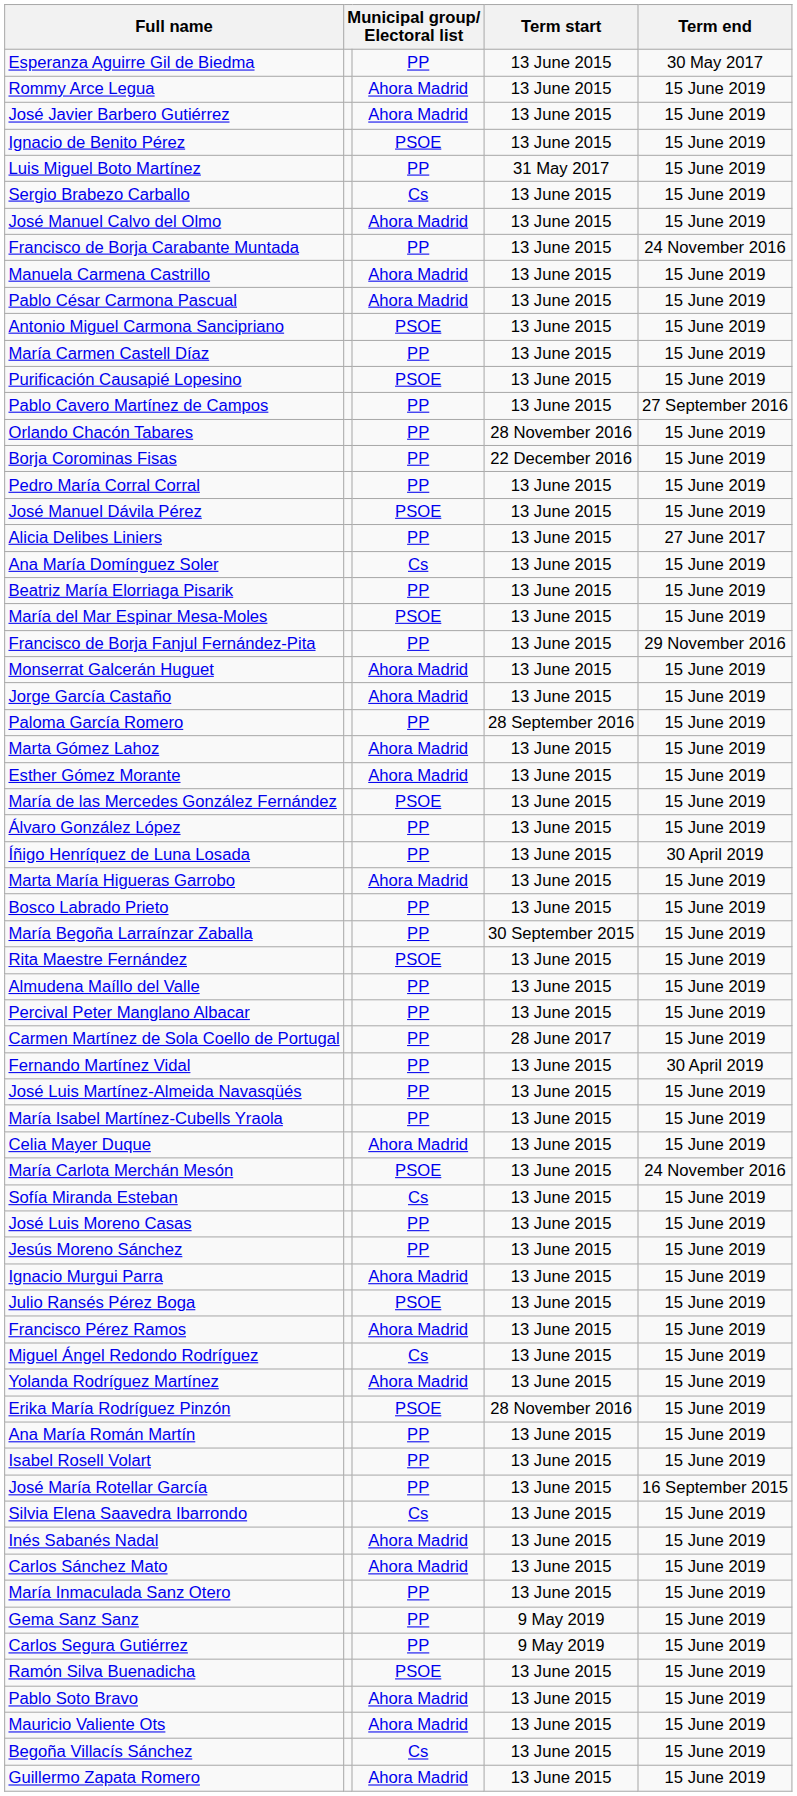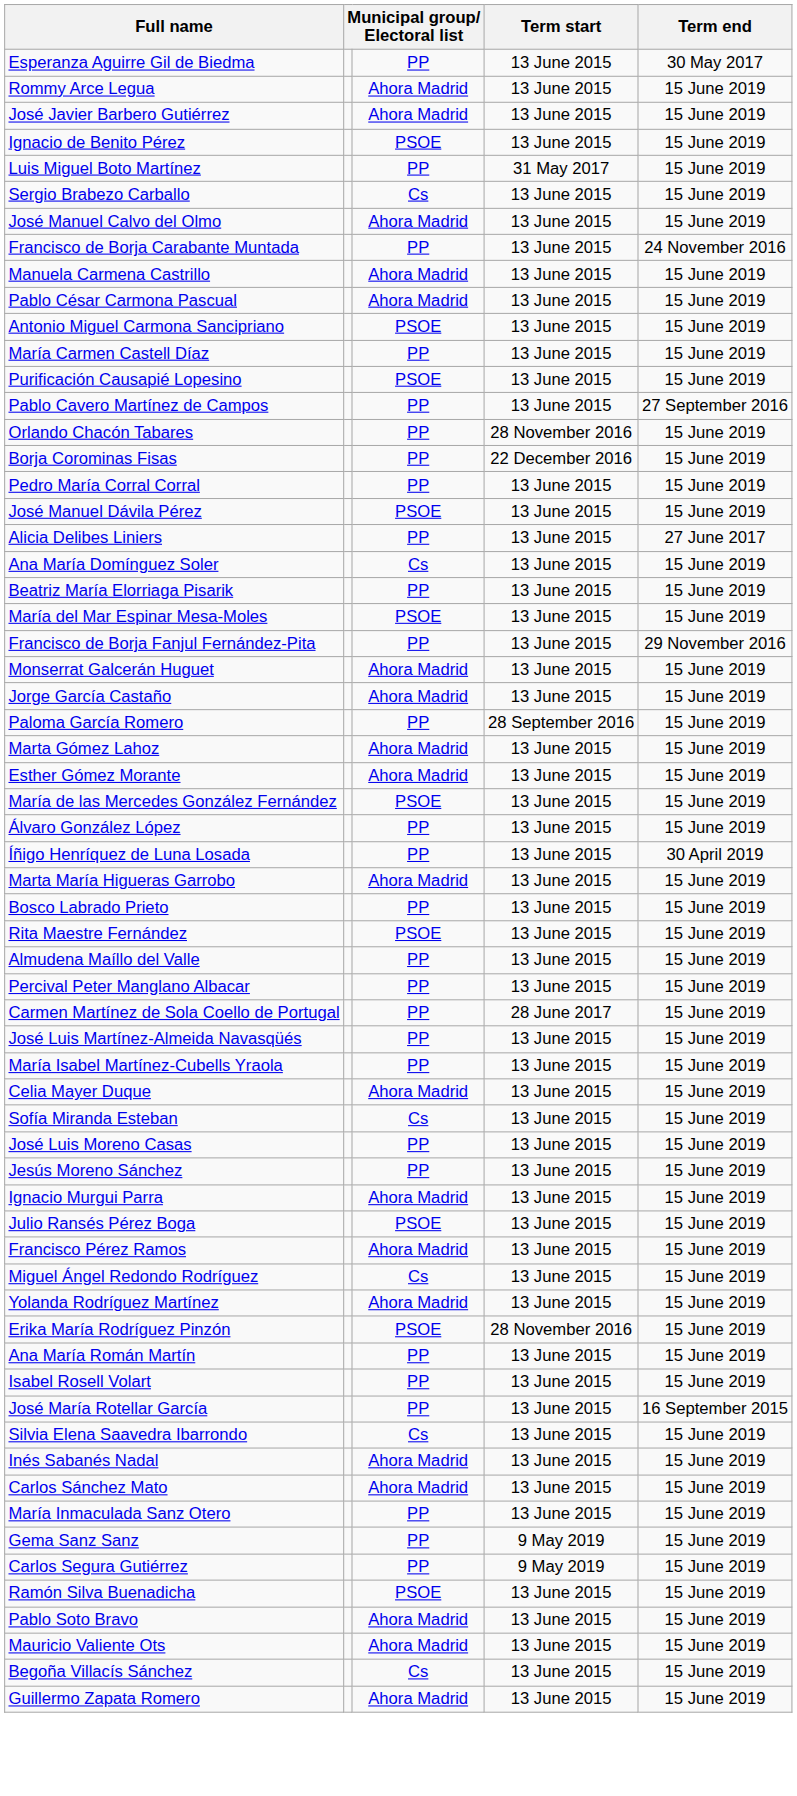 <table class="wikitable sortable" style="margin:1em auto; text-align:left; line-height:18px;">
 <tr>
 <th>Full name</th>
 <th colspan=2>Municipal group/<br>Electoral list</th>
 <th>Term start</th>
 <th>Term end</th>
 </tr>
 <tr>
 <td><a href='#'>Esperanza Aguirre Gil de Biedma</a></td>
 <td width="1"></td>
 <td align="center"><a href='#'>PP</a></td>
 <td align="center">13 June 2015</td>
 <td align="center">30 May 2017</td>
 </tr>
 <tr>
 <td><a href='#'>Rommy Arce Legua</a></td>
 <td></td>
 <td align="center"><a href='#'>Ahora Madrid</a></td>
 <td align="center">13 June 2015</td>
 <td align="center">15 June 2019</td>
 </tr>
 <tr>
 <td><a href='#'>José Javier Barbero Gutiérrez</a></td>
 <td></td>
 <td align="center"><a href='#'>Ahora Madrid</a></td>
 <td align="center">13 June 2015</td>
 <td align="center">15 June 2019</td>
 </tr>
 <tr>
 <td><a href='#'>Ignacio de Benito Pérez</a></td>
 <td></td>
 <td align="center"><a href='#'>PSOE</a></td>
 <td align="center">13 June 2015</td>
 <td align="center">15 June 2019</td>
 </tr>
 <tr>
 <td><a href='#'>Luis Miguel Boto Martínez</a></td>
 <td></td>
 <td align="center"><a href='#'>PP</a></td>
 <td align="center">31 May 2017</td>
 <td align="center">15 June 2019</td>
 </tr>
 <tr>
 <td><a href='#'>Sergio Brabezo Carballo</a></td>
 <td></td>
 <td align="center"><a href='#'>Cs</a></td>
 <td align="center">13 June 2015</td>
 <td align="center">15 June 2019</td>
 </tr>
 <tr>
 <td><a href='#'>José Manuel Calvo del Olmo</a></td>
 <td></td>
 <td align="center"><a href='#'>Ahora Madrid</a></td>
 <td align="center">13 June 2015</td>
 <td align="center">15 June 2019</td>
 </tr>
 <tr>
 <td><a href='#'>Francisco de Borja Carabante Muntada</a></td>
 <td></td>
 <td align="center"><a href='#'>PP</a></td>
 <td align="center">13 June 2015</td>
 <td align="center">24 November 2016</td>
 </tr>
 <tr>
 <td><a href='#'>Manuela Carmena Castrillo</a></td>
 <td></td>
 <td align="center"><a href='#'>Ahora Madrid</a></td>
 <td align="center">13 June 2015</td>
 <td align="center">15 June 2019</td>
 </tr>
 <tr>
 <td><a href='#'>Pablo César Carmona Pascual</a></td>
 <td></td>
 <td align="center"><a href='#'>Ahora Madrid</a></td>
 <td align="center">13 June 2015</td>
 <td align="center">15 June 2019</td>
 </tr>
 <tr>
 <td><a href='#'>Antonio Miguel Carmona Sancipriano</a></td>
 <td></td>
 <td align="center"><a href='#'>PSOE</a></td>
 <td align="center">13 June 2015</td>
 <td align="center">15 June 2019</td>
 </tr>
 <tr>
 <td><a href='#'>María Carmen Castell Díaz</a></td>
 <td></td>
 <td align="center"><a href='#'>PP</a></td>
 <td align="center">13 June 2015</td>
 <td align="center">15 June 2019</td>
 </tr>
 <tr>
 <td><a href='#'>Purificación Causapié Lopesino</a></td>
 <td></td>
 <td align="center"><a href='#'>PSOE</a></td>
 <td align="center">13 June 2015</td>
 <td align="center">15 June 2019</td>
 </tr>
 <tr>
 <td><a href='#'>Pablo Cavero Martínez de Campos</a></td>
 <td></td>
 <td align="center"><a href='#'>PP</a></td>
 <td align="center">13 June 2015</td>
 <td align="center">27 September 2016</td>
 </tr>
 <tr>
 <td><a href='#'>Orlando Chacón Tabares</a></td>
 <td></td>
 <td align="center"><a href='#'>PP</a></td>
 <td align="center">28 November 2016</td>
 <td align="center">15 June 2019</td>
 </tr>
 <tr>
 <td><a href='#'>Borja Corominas Fisas</a></td>
 <td></td>
 <td align="center"><a href='#'>PP</a></td>
 <td align="center">22 December 2016</td>
 <td align="center">15 June 2019</td>
 </tr>
 <tr>
 <td><a href='#'>Pedro María Corral Corral</a></td>
 <td></td>
 <td align="center"><a href='#'>PP</a></td>
 <td align="center">13 June 2015</td>
 <td align="center">15 June 2019</td>
 </tr>
 <tr>
 <td><a href='#'>José Manuel Dávila Pérez</a></td>
 <td></td>
 <td align="center"><a href='#'>PSOE</a></td>
 <td align="center">13 June 2015</td>
 <td align="center">15 June 2019</td>
 </tr>
 <tr>
 <td><a href='#'>Alicia Delibes Liniers</a></td>
 <td></td>
 <td align="center"><a href='#'>PP</a></td>
 <td align="center">13 June 2015</td>
 <td align="center">27 June 2017</td>
 </tr>
 <tr>
 <td><a href='#'>Ana María Domínguez Soler</a></td>
 <td></td>
 <td align="center"><a href='#'>Cs</a></td>
 <td align="center">13 June 2015</td>
 <td align="center">15 June 2019</td>
 </tr>
 <tr>
 <td><a href='#'>Beatriz María Elorriaga Pisarik</a></td>
 <td></td>
 <td align="center"><a href='#'>PP</a></td>
 <td align="center">13 June 2015</td>
 <td align="center">15 June 2019</td>
 </tr>
 <tr>
 <td><a href='#'>María del Mar Espinar Mesa-Moles</a></td>
 <td></td>
 <td align="center"><a href='#'>PSOE</a></td>
 <td align="center">13 June 2015</td>
 <td align="center">15 June 2019</td>
 </tr>
 <tr>
 <td><a href='#'>Francisco de Borja Fanjul Fernández-Pita</a></td>
 <td></td>
 <td align="center"><a href='#'>PP</a></td>
 <td align="center">13 June 2015</td>
 <td align="center">29 November 2016</td>
 </tr>
 <tr>
 <td><a href='#'>Monserrat Galcerán Huguet</a></td>
 <td></td>
 <td align="center"><a href='#'>Ahora Madrid</a></td>
 <td align="center">13 June 2015</td>
 <td align="center">15 June 2019</td>
 </tr>
 <tr>
 <td><a href='#'>Jorge García Castaño</a></td>
 <td></td>
 <td align="center"><a href='#'>Ahora Madrid</a></td>
 <td align="center">13 June 2015</td>
 <td align="center">15 June 2019</td>
 </tr>
 <tr>
 <td><a href='#'>Paloma García Romero</a></td>
 <td></td>
 <td align="center"><a href='#'>PP</a></td>
 <td align="center">28 September 2016</td>
 <td align="center">15 June 2019</td>
 </tr>
 <tr>
 <td><a href='#'>Marta Gómez Lahoz</a></td>
 <td></td>
 <td align="center"><a href='#'>Ahora Madrid</a></td>
 <td align="center">13 June 2015</td>
 <td align="center">15 June 2019</td>
 </tr>
 <tr>
 <td><a href='#'>Esther Gómez Morante</a></td>
 <td></td>
 <td align="center"><a href='#'>Ahora Madrid</a></td>
 <td align="center">13 June 2015</td>
 <td align="center">15 June 2019</td>
 </tr>
 <tr>
 <td><a href='#'>María de las Mercedes González Fernández</a></td>
 <td></td>
 <td align="center"><a href='#'>PSOE</a></td>
 <td align="center">13 June 2015</td>
 <td align="center">15 June 2019</td>
 </tr>
 <tr>
 <td><a href='#'>Álvaro González López</a></td>
 <td></td>
 <td align="center"><a href='#'>PP</a></td>
 <td align="center">13 June 2015</td>
 <td align="center">15 June 2019</td>
 </tr>
 <tr>
 <td><a href='#'>Íñigo Henríquez de Luna Losada</a></td>
 <td></td>
 <td align="center"><a href='#'>PP</a></td>
 <td align="center">13 June 2015</td>
 <td align="center">30 April 2019</td>
 </tr>
 <tr>
 <td><a href='#'>Marta María Higueras Garrobo</a></td>
 <td></td>
 <td align="center"><a href='#'>Ahora Madrid</a></td>
 <td align="center">13 June 2015</td>
 <td align="center">15 June 2019</td>
 </tr>
 <tr>
 <td><a href='#'>Bosco Labrado Prieto</a></td>
 <td></td>
 <td align="center"><a href='#'>PP</a></td>
 <td align="center">13 June 2015</td>
 <td align="center">15 June 2019</td>
 </tr>
 <tr>
-<td><a href='#'>María Begoña Larraínzar Zaballa</a></td>
-<td></td>
-<td align="center"><a href='#'>PP</a></td>
-<td align="center">30 September 2015</td>
-<td align="center">15 June 2019</td>
-</tr>
-<tr>
 <td><a href='#'>Rita Maestre Fernández</a></td>
 <td></td>
 <td align="center"><a href='#'>PSOE</a></td>
 <td align="center">13 June 2015</td>
 <td align="center">15 June 2019</td>
 </tr>
 <tr>
 <td><a href='#'>Almudena Maíllo del Valle</a></td>
 <td></td>
 <td align="center"><a href='#'>PP</a></td>
 <td align="center">13 June 2015</td>
 <td align="center">15 June 2019</td>
 </tr>
 <tr>
 <td><a href='#'>Percival Peter Manglano Albacar</a></td>
 <td></td>
 <td align="center"><a href='#'>PP</a></td>
 <td align="center">13 June 2015</td>
 <td align="center">15 June 2019</td>
 </tr>
 <tr>
 <td><a href='#'>Carmen Martínez de Sola Coello de Portugal</a></td>
 <td></td>
 <td align="center"><a href='#'>PP</a></td>
 <td align="center">28 June 2017</td>
 <td align="center">15 June 2019</td>
 </tr>
 <tr>
-<td><a href='#'>Fernando Martínez Vidal</a></td>
-<td></td>
-<td align="center"><a href='#'>PP</a></td>
-<td align="center">13 June 2015</td>
-<td align="center">30 April 2019</td>
-</tr>
-<tr>
 <td><a href='#'>José Luis Martínez-Almeida Navasqüés</a></td>
 <td></td>
 <td align="center"><a href='#'>PP</a></td>
 <td align="center">13 June 2015</td>
 <td align="center">15 June 2019</td>
 </tr>
 <tr>
 <td><a href='#'>María Isabel Martínez-Cubells Yraola</a></td>
 <td></td>
 <td align="center"><a href='#'>PP</a></td>
 <td align="center">13 June 2015</td>
 <td align="center">15 June 2019</td>
 </tr>
 <tr>
 <td><a href='#'>Celia Mayer Duque</a></td>
 <td></td>
 <td align="center"><a href='#'>Ahora Madrid</a></td>
 <td align="center">13 June 2015</td>
 <td align="center">15 June 2019</td>
-</tr>
-<tr>
-<td><a href='#'>María Carlota Merchán Mesón</a></td>
-<td></td>
-<td align="center"><a href='#'>PSOE</a></td>
-<td align="center">13 June 2015</td>
-<td align="center">24 November 2016</td>
 </tr>
 <tr>
 <td><a href='#'>Sofía Miranda Esteban</a></td>
 <td></td>
 <td align="center"><a href='#'>Cs</a></td>
 <td align="center">13 June 2015</td>
 <td align="center">15 June 2019</td>
 </tr>
 <tr>
 <td><a href='#'>José Luis Moreno Casas</a></td>
 <td></td>
 <td align="center"><a href='#'>PP</a></td>
 <td align="center">13 June 2015</td>
 <td align="center">15 June 2019</td>
 </tr>
 <tr>
 <td><a href='#'>Jesús Moreno Sánchez</a></td>
 <td></td>
 <td align="center"><a href='#'>PP</a></td>
 <td align="center">13 June 2015</td>
 <td align="center">15 June 2019</td>
 </tr>
 <tr>
 <td><a href='#'>Ignacio Murgui Parra</a></td>
 <td></td>
 <td align="center"><a href='#'>Ahora Madrid</a></td>
 <td align="center">13 June 2015</td>
 <td align="center">15 June 2019</td>
 </tr>
 <tr>
 <td><a href='#'>Julio Ransés Pérez Boga</a></td>
 <td></td>
 <td align="center"><a href='#'>PSOE</a></td>
 <td align="center">13 June 2015</td>
 <td align="center">15 June 2019</td>
 </tr>
 <tr>
 <td><a href='#'>Francisco Pérez Ramos</a></td>
 <td></td>
 <td align="center"><a href='#'>Ahora Madrid</a></td>
 <td align="center">13 June 2015</td>
 <td align="center">15 June 2019</td>
 </tr>
 <tr>
 <td><a href='#'>Miguel Ángel Redondo Rodríguez</a></td>
 <td></td>
 <td align="center"><a href='#'>Cs</a></td>
 <td align="center">13 June 2015</td>
 <td align="center">15 June 2019</td>
 </tr>
 <tr>
 <td><a href='#'>Yolanda Rodríguez Martínez</a></td>
 <td></td>
 <td align="center"><a href='#'>Ahora Madrid</a></td>
 <td align="center">13 June 2015</td>
 <td align="center">15 June 2019</td>
 </tr>
 <tr>
 <td><a href='#'>Erika María Rodríguez Pinzón</a></td>
 <td></td>
 <td align="center"><a href='#'>PSOE</a></td>
 <td align="center">28 November 2016</td>
 <td align="center">15 June 2019</td>
 </tr>
 <tr>
 <td><a href='#'>Ana María Román Martín</a></td>
 <td></td>
 <td align="center"><a href='#'>PP</a></td>
 <td align="center">13 June 2015</td>
 <td align="center">15 June 2019</td>
 </tr>
 <tr>
 <td><a href='#'>Isabel Rosell Volart</a></td>
 <td></td>
 <td align="center"><a href='#'>PP</a></td>
 <td align="center">13 June 2015</td>
 <td align="center">15 June 2019</td>
 </tr>
 <tr>
 <td><a href='#'>José María Rotellar García</a></td>
 <td></td>
 <td align="center"><a href='#'>PP</a></td>
 <td align="center">13 June 2015</td>
 <td align="center">16 September 2015</td>
 </tr>
 <tr>
 <td><a href='#'>Silvia Elena Saavedra Ibarrondo</a></td>
 <td></td>
 <td align="center"><a href='#'>Cs</a></td>
 <td align="center">13 June 2015</td>
 <td align="center">15 June 2019</td>
 </tr>
 <tr>
 <td><a href='#'>Inés Sabanés Nadal</a></td>
 <td></td>
 <td align="center"><a href='#'>Ahora Madrid</a></td>
 <td align="center">13 June 2015</td>
 <td align="center">15 June 2019</td>
 </tr>
 <tr>
 <td><a href='#'>Carlos Sánchez Mato</a></td>
 <td></td>
 <td align="center"><a href='#'>Ahora Madrid</a></td>
 <td align="center">13 June 2015</td>
 <td align="center">15 June 2019</td>
 </tr>
 <tr>
 <td><a href='#'>María Inmaculada Sanz Otero</a></td>
 <td></td>
 <td align="center"><a href='#'>PP</a></td>
 <td align="center">13 June 2015</td>
 <td align="center">15 June 2019</td>
 </tr>
 <tr>
 <td><a href='#'>Gema Sanz Sanz</a></td>
 <td></td>
 <td align="center"><a href='#'>PP</a></td>
 <td align="center">9 May 2019</td>
 <td align="center">15 June 2019</td>
 </tr>
 <tr>
 <td><a href='#'>Carlos Segura Gutiérrez</a></td>
 <td></td>
 <td align="center"><a href='#'>PP</a></td>
 <td align="center">9 May 2019</td>
 <td align="center">15 June 2019</td>
 </tr>
 <tr>
 <td><a href='#'>Ramón Silva Buenadicha</a></td>
 <td></td>
 <td align="center"><a href='#'>PSOE</a></td>
 <td align="center">13 June 2015</td>
 <td align="center">15 June 2019</td>
 </tr>
 <tr>
 <td><a href='#'>Pablo Soto Bravo</a></td>
 <td></td>
 <td align="center"><a href='#'>Ahora Madrid</a></td>
 <td align="center">13 June 2015</td>
 <td align="center">15 June 2019</td>
 </tr>
 <tr>
 <td><a href='#'>Mauricio Valiente Ots</a></td>
 <td></td>
 <td align="center"><a href='#'>Ahora Madrid</a></td>
 <td align="center">13 June 2015</td>
 <td align="center">15 June 2019</td>
 </tr>
 <tr>
 <td><a href='#'>Begoña Villacís Sánchez</a></td>
 <td></td>
 <td align="center"><a href='#'>Cs</a></td>
 <td align="center">13 June 2015</td>
 <td align="center">15 June 2019</td>
 </tr>
 <tr>
 <td><a href='#'>Guillermo Zapata Romero</a></td>
 <td></td>
 <td align="center"><a href='#'>Ahora Madrid</a></td>
 <td align="center">13 June 2015</td>
 <td align="center">15 June 2019</td>
 </tr>
 </table>
